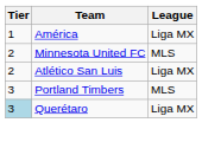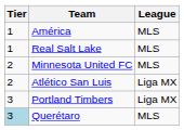 <table class="wikitable" style="white-space:nowrap; display:inline-table;">
 <tr>
 <th>Tier</th>
 <th>Team</th>
 <th>League</th>
 </tr>
 <tr>
 <td>1</td>
 <td><a href='#'>América</a></td>
-<td>Liga MX</td>
+<td>MLS</td>
+</tr>
+<tr>
+<td>1</td>
+<td><a href='#'>Real Salt Lake</a></td>
+<td>MLS</td>
 </tr>
 <tr>
 <td>2</td>
 <td><a href='#'>Minnesota United FC</a></td>
 <td>MLS</td>
 </tr>
 <tr>
 <td>2</td>
 <td><a href='#'>Atlético San Luis</a></td>
 <td>Liga MX</td>
 </tr>
 <tr>
 <td>3</td>
 <td><a href='#'>Portland Timbers</a></td>
-<td>MLS</td>
+<td>Liga MX</td>
 </tr>
 <tr>
 <td style="background: lightblue;">3</td>
 <td><a href='#'>Querétaro</a></td>
-<td>Liga MX</td>
+<td>MLS</td>
 </tr>
 </table>
